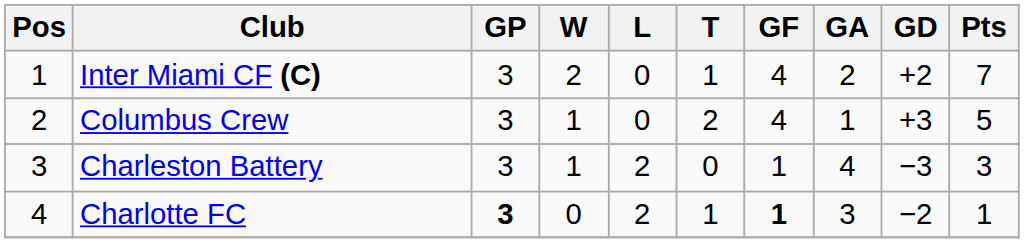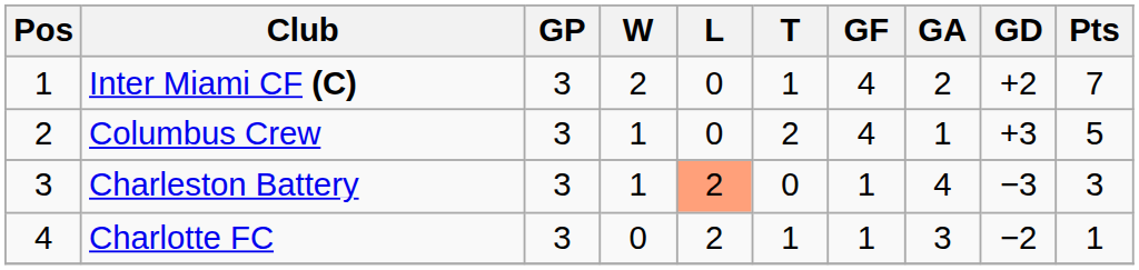 <table class="wikitable" style="text-align:center">
 <tr>
 <th width=30>Pos</th>
 <th width=210>Club</th>
 <th width=30>GP</th>
 <th width=30>W</th>
 <th width=30>L</th>
 <th width=30>T</th>
 <th width=30>GF</th>
 <th width=30>GA</th>
 <th width=30>GD</th>
 <th width=30>Pts</th>
 </tr>
 <tr>
 <td>1</td>
 <td style="text-align:left;"><a href='#'>Inter Miami CF</a> <strong>(C)</strong></td>
 <td>3</td>
 <td>2</td>
 <td>0</td>
 <td>1</td>
 <td>4</td>
 <td>2</td>
 <td>+2</td>
 <td>7</td>
 </tr>
 <tr>
 <td>2</td>
 <td style="text-align:left;"><a href='#'>Columbus Crew</a></td>
 <td>3</td>
 <td>1</td>
 <td>0</td>
 <td>2</td>
 <td>4</td>
 <td>1</td>
 <td>+3</td>
 <td>5</td>
 </tr>
 <tr>
 <td>3</td>
 <td style="text-align:left;"><a href='#'>Charleston Battery</a></td>
 <td>3</td>
 <td>1</td>
-<td>2</td>
+<td style="background: lightsalmon;">2</td>
 <td>0</td>
 <td>1</td>
 <td>4</td>
 <td>−3</td>
 <td>3</td>
 </tr>
 <tr>
 <td>4</td>
 <td style="text-align:left;"><a href='#'>Charlotte FC</a></td>
-<td><strong>3</strong></td>
+<td>3</td>
 <td>0</td>
 <td>2</td>
 <td>1</td>
-<td><strong>1</strong></td>
+<td>1</td>
 <td>3</td>
 <td>−2</td>
 <td>1</td>
 </tr>
 <tr>
 </tr>
 </table>
